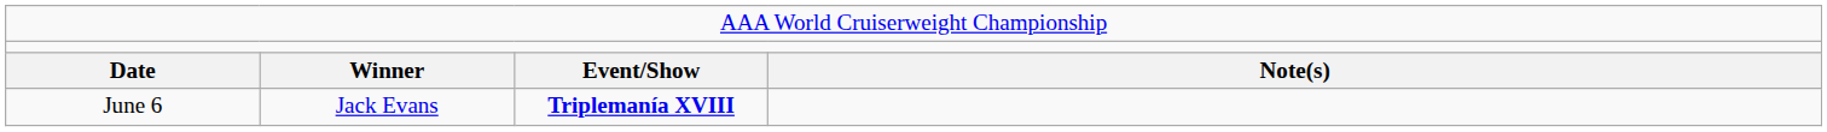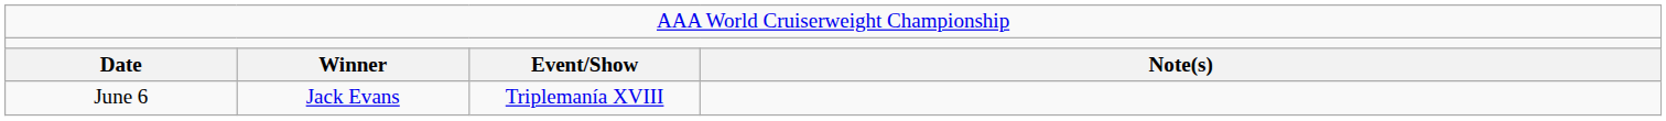 <table class="wikitable" style="text-align:center; width:100%;">
 <tr>
 <td colspan="5"><a href='#'>AAA World Cruiserweight Championship</a></td>
 </tr>
 <tr>
 <td colspan="5"><strong></strong></td>
 </tr>
 <tr>
 <th style="width:14%;">Date</th>
 <th style="width:14%;">Winner</th>
 <th style="width:14%;">Event/Show</th>
 <th style="width:58%;">Note(s)</th>
 </tr>
 <tr>
 <td>June 6</td>
 <td><a href='#'>Jack Evans</a></td>
-<td><strong><a href='#'>Triplemanía XVIII</a></strong></td>
+<td><a href='#'>Triplemanía XVIII</a></td>
 <td style="text-align:left;"></td>
 </tr>
 </table>
